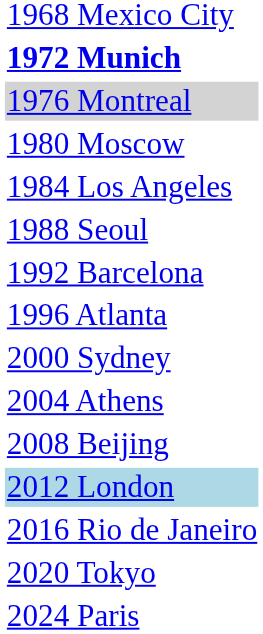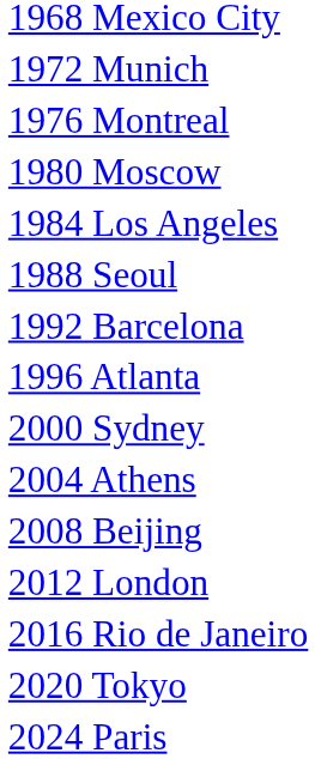 <table>
 <tr>
 <td><a href='#'>1968 Mexico City</a><br></td>
 <td></td>
 <td></td>
 <td></td>
 </tr>
 <tr>
-<td><strong><a href='#'>1972 Munich</a><br></strong></td>
+<td><a href='#'>1972 Munich</a><br></td>
 <td></td>
 <td></td>
 <td></td>
 </tr>
 <tr>
-<td style="background: lightgrey;"><a href='#'>1976 Montreal</a><br></td>
+<td><a href='#'>1976 Montreal</a><br></td>
 <td></td>
 <td></td>
 <td></td>
 </tr>
 <tr>
 <td><a href='#'>1980 Moscow</a><br></td>
 <td></td>
 <td></td>
 <td></td>
 </tr>
 <tr>
 <td><a href='#'>1984 Los Angeles</a><br></td>
 <td></td>
 <td></td>
 <td></td>
 </tr>
 <tr>
 <td><a href='#'>1988 Seoul</a><br></td>
 <td></td>
 <td></td>
 <td></td>
 </tr>
 <tr>
 <td><a href='#'>1992 Barcelona</a><br></td>
 <td></td>
 <td></td>
 <td></td>
 </tr>
 <tr>
 <td><a href='#'>1996 Atlanta</a><br></td>
 <td></td>
 <td></td>
 <td></td>
 </tr>
 <tr>
 <td><a href='#'>2000 Sydney</a><br></td>
 <td></td>
 <td></td>
 <td></td>
 </tr>
 <tr>
 <td><a href='#'>2004 Athens</a><br></td>
 <td></td>
 <td></td>
 <td></td>
 </tr>
 <tr>
 <td><a href='#'>2008 Beijing</a><br></td>
 <td></td>
 <td></td>
 <td></td>
 </tr>
 <tr>
-<td style="background: lightblue;"><a href='#'>2012 London</a><br></td>
+<td><a href='#'>2012 London</a><br></td>
 <td></td>
 <td></td>
 <td></td>
 </tr>
 <tr valign="top">
 <td><a href='#'>2016 Rio de Janeiro</a><br></td>
 <td></td>
 <td></td>
 <td></td>
 </tr>
 <tr>
 <td><a href='#'>2020 Tokyo</a><br></td>
 <td></td>
 <td></td>
 <td></td>
 </tr>
 <tr>
 <td><a href='#'>2024 Paris</a><br></td>
 <td></td>
 <td></td>
 <td></td>
 </tr>
 <tr>
 </tr>
 </table>
